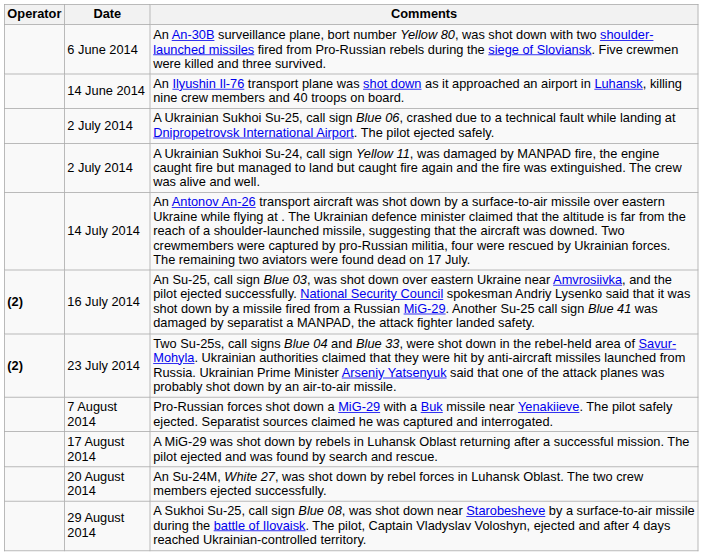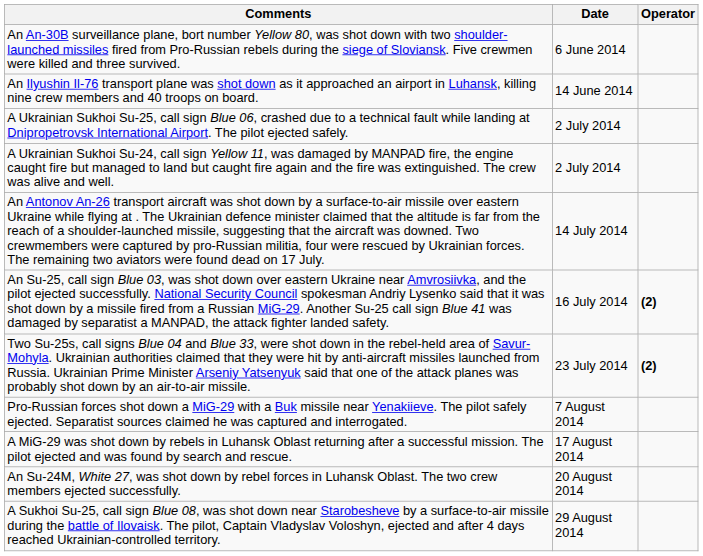 <table class="wikitable">
 <tr>
+<th>Comments</th>
+<th width=100>Date</th>
 <th>Operator</th>
-<th width=100>Date</th>
-<th>Comments</th>
 </tr>
 <tr>
+<td>An <a href='#'>An-30B</a> surveillance plane, bort number <em>Yellow 80</em>, was shot down with two <a href='#'>shoulder-launched missiles</a> fired from Pro-Russian rebels during the <a href='#'>siege of Sloviansk</a>. Five crewmen were killed and three survived.</td>
+<td>6 June 2014</td>
 <td></td>
-<td>6 June 2014</td>
-<td>An <a href='#'>An-30B</a> surveillance plane, bort number <em>Yellow 80</em>, was shot down with two <a href='#'>shoulder-launched missiles</a> fired from Pro-Russian rebels during the <a href='#'>siege of Sloviansk</a>. Five crewmen were killed and three survived.</td>
 </tr>
 <tr>
+<td>An <a href='#'>Ilyushin Il-76</a> transport plane was <a href='#'>shot down</a> as it approached an airport in <a href='#'>Luhansk</a>, killing nine crew members and 40 troops on board.</td>
+<td>14 June 2014</td>
 <td></td>
-<td>14 June 2014</td>
-<td>An <a href='#'>Ilyushin Il-76</a> transport plane was <a href='#'>shot down</a> as it approached an airport in <a href='#'>Luhansk</a>, killing nine crew members and 40 troops on board.</td>
 </tr>
 <tr>
+<td>A Ukrainian Sukhoi Su-25, call sign <em>Blue 06</em>, crashed due to a technical fault while landing at <a href='#'>Dnipropetrovsk International Airport</a>. The pilot ejected safely.</td>
+<td>2 July 2014</td>
 <td></td>
-<td>2 July 2014</td>
-<td>A Ukrainian Sukhoi Su-25, call sign <em>Blue 06</em>, crashed due to a technical fault while landing at <a href='#'>Dnipropetrovsk International Airport</a>. The pilot ejected safely.</td>
 </tr>
 <tr>
+<td>A Ukrainian Sukhoi Su-24, call sign <em>Yellow 11</em>, was damaged by MANPAD fire, the engine caught fire but managed to land but caught fire again and the fire was extinguished. The crew was alive and well.</td>
+<td>2 July 2014</td>
 <td></td>
-<td>2 July 2014</td>
-<td>A Ukrainian Sukhoi Su-24, call sign <em>Yellow 11</em>, was damaged by MANPAD fire, the engine caught fire but managed to land but caught fire again and the fire was extinguished. The crew was alive and well.</td>
 </tr>
 <tr>
+<td>An <a href='#'>Antonov An-26</a> transport aircraft was shot down by a surface-to-air missile over eastern Ukraine while flying at . The Ukrainian defence minister claimed that the altitude is far from the reach of a shoulder-launched missile, suggesting that the aircraft was downed. Two crewmembers were captured by pro-Russian militia, four were rescued by Ukrainian forces. The remaining two aviators were found dead on 17 July.</td>
+<td>14 July 2014</td>
 <td></td>
-<td>14 July 2014</td>
-<td>An <a href='#'>Antonov An-26</a> transport aircraft was shot down by a surface-to-air missile over eastern Ukraine while flying at . The Ukrainian defence minister claimed that the altitude is far from the reach of a shoulder-launched missile, suggesting that the aircraft was downed. Two crewmembers were captured by pro-Russian militia, four were rescued by Ukrainian forces. The remaining two aviators were found dead on 17 July.</td>
 </tr>
 <tr>
+<td>An Su-25, call sign <em>Blue 03</em>, was shot down over eastern Ukraine near <a href='#'>Amvrosiivka</a>, and the pilot ejected successfully. <a href='#'>National Security Council</a> spokesman Andriy Lysenko said that it was shot down by a missile fired from a Russian <a href='#'>MiG-29</a>. Another Su-25 call sign <em>Blue 41</em> was damaged by separatist a MANPAD, the attack fighter landed safety.</td>
+<td>16 July 2014</td>
 <td> <strong>(2)</strong></td>
-<td>16 July 2014</td>
-<td>An Su-25, call sign <em>Blue 03</em>, was shot down over eastern Ukraine near <a href='#'>Amvrosiivka</a>, and the pilot ejected successfully. <a href='#'>National Security Council</a> spokesman Andriy Lysenko said that it was shot down by a missile fired from a Russian <a href='#'>MiG-29</a>. Another Su-25 call sign <em>Blue 41</em> was damaged by separatist a MANPAD, the attack fighter landed safety.</td>
 </tr>
 <tr>
+<td>Two Su-25s, call signs <em>Blue 04</em> and <em>Blue 33</em>, were shot down in the rebel-held area of <a href='#'>Savur-Mohyla</a>. Ukrainian authorities claimed that they were hit by anti-aircraft missiles launched from Russia. Ukrainian Prime Minister <a href='#'>Arseniy Yatsenyuk</a> said that one of the attack planes was probably shot down by an air-to-air missile.</td>
+<td>23 July 2014</td>
 <td> <strong>(2)</strong></td>
-<td>23 July 2014</td>
-<td>Two Su-25s, call signs <em>Blue 04</em> and <em>Blue 33</em>, were shot down in the rebel-held area of <a href='#'>Savur-Mohyla</a>. Ukrainian authorities claimed that they were hit by anti-aircraft missiles launched from Russia. Ukrainian Prime Minister <a href='#'>Arseniy Yatsenyuk</a> said that one of the attack planes was probably shot down by an air-to-air missile.</td>
 </tr>
 <tr>
+<td>Pro-Russian forces shot down a <a href='#'>MiG-29</a> with a <a href='#'>Buk</a> missile near <a href='#'>Yenakiieve</a>. The pilot safely ejected. Separatist sources claimed he was captured and interrogated.</td>
+<td>7 August 2014</td>
 <td></td>
-<td>7 August 2014</td>
-<td>Pro-Russian forces shot down a <a href='#'>MiG-29</a> with a <a href='#'>Buk</a> missile near <a href='#'>Yenakiieve</a>. The pilot safely ejected. Separatist sources claimed he was captured and interrogated.</td>
 </tr>
 <tr>
+<td>A MiG-29 was shot down by rebels in Luhansk Oblast returning after a successful mission. The pilot ejected and was found by search and rescue.</td>
+<td>17 August 2014</td>
 <td></td>
-<td>17 August 2014</td>
-<td>A MiG-29 was shot down by rebels in Luhansk Oblast returning after a successful mission. The pilot ejected and was found by search and rescue.</td>
 </tr>
 <tr>
+<td>An Su-24M, <em>White 27</em>, was shot down by rebel forces in Luhansk Oblast. The two crew members ejected successfully.</td>
+<td>20 August 2014</td>
 <td></td>
-<td>20 August 2014</td>
-<td>An Su-24M, <em>White 27</em>, was shot down by rebel forces in Luhansk Oblast. The two crew members ejected successfully.</td>
 </tr>
 <tr>
+<td>A Sukhoi Su-25, call sign <em>Blue 08</em>, was shot down near <a href='#'>Starobesheve</a> by a surface-to-air missile during the <a href='#'>battle of Ilovaisk</a>. The pilot, Captain Vladyslav Voloshyn, ejected and after 4 days reached Ukrainian-controlled territory.</td>
+<td>29 August 2014</td>
 <td></td>
-<td>29 August 2014</td>
-<td>A Sukhoi Su-25, call sign <em>Blue 08</em>, was shot down near <a href='#'>Starobesheve</a> by a surface-to-air missile during the <a href='#'>battle of Ilovaisk</a>. The pilot, Captain Vladyslav Voloshyn, ejected and after 4 days reached Ukrainian-controlled territory.</td>
 </tr>
 </table>
